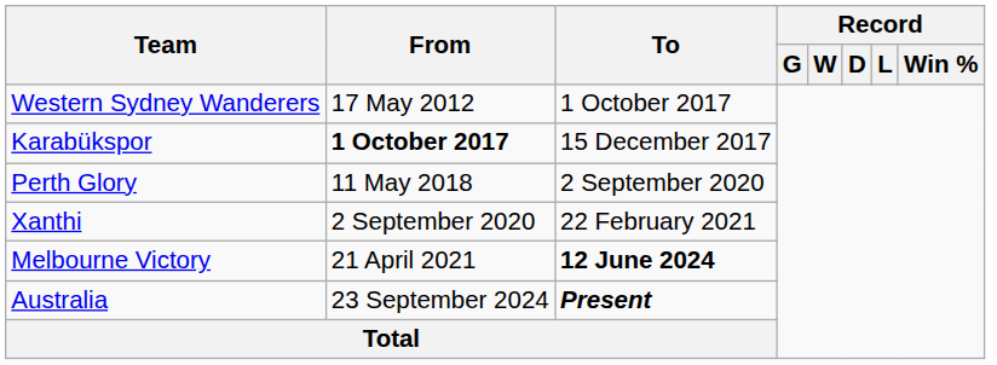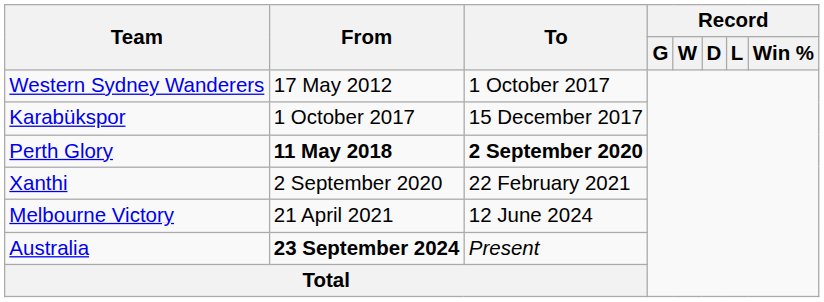 <table class="wikitable" style="text-align: center">
 <tr>
 <th rowspan=2>Team</th>
 <th rowspan=2>From</th>
 <th rowspan=2>To</th>
 <th colspan=5>Record</th>
 </tr>
 <tr>
 <th>G</th>
 <th>W</th>
 <th>D</th>
 <th>L</th>
 <th>Win %</th>
 </tr>
 <tr>
 <td align=left> <a href='#'>Western Sydney Wanderers</a></td>
 <td align=left>17 May 2012</td>
 <td align=left>1 October 2017<br></td>
 </tr>
 <tr>
 <td align=left> <a href='#'>Karabükspor</a></td>
-<td align=left><strong>1 October 2017</strong></td>
+<td align=left>1 October 2017</td>
 <td align=left>15 December 2017<br></td>
 </tr>
 <tr>
 <td align=left> <a href='#'>Perth Glory</a></td>
-<td align=left>11 May 2018</td>
-<td align=left>2 September 2020<br></td>
+<td align=left><strong>11 May 2018</strong></td>
+<td align=left><strong>2 September 2020<br></strong></td>
 </tr>
 <tr>
 <td align=left> <a href='#'>Xanthi</a></td>
 <td align=left>2 September 2020</td>
 <td align=left>22 February 2021<br></td>
 </tr>
 <tr>
 <td align=left> <a href='#'>Melbourne Victory</a></td>
 <td align=left>21 April 2021</td>
-<td align=left><strong>12 June 2024<br></strong></td>
+<td align=left>12 June 2024<br></td>
 </tr>
 <tr>
 <td align=left> <a href='#'>Australia</a></td>
-<td align=left>23 September 2024</td>
-<td align=left><strong><em>Present</em><br></strong></td>
+<td align=left><strong>23 September 2024</strong></td>
+<td align=left><em>Present</em><br></td>
 </tr>
 <tr>
 <th colspan=3>Total<br></th>
 </tr>
 </table>
